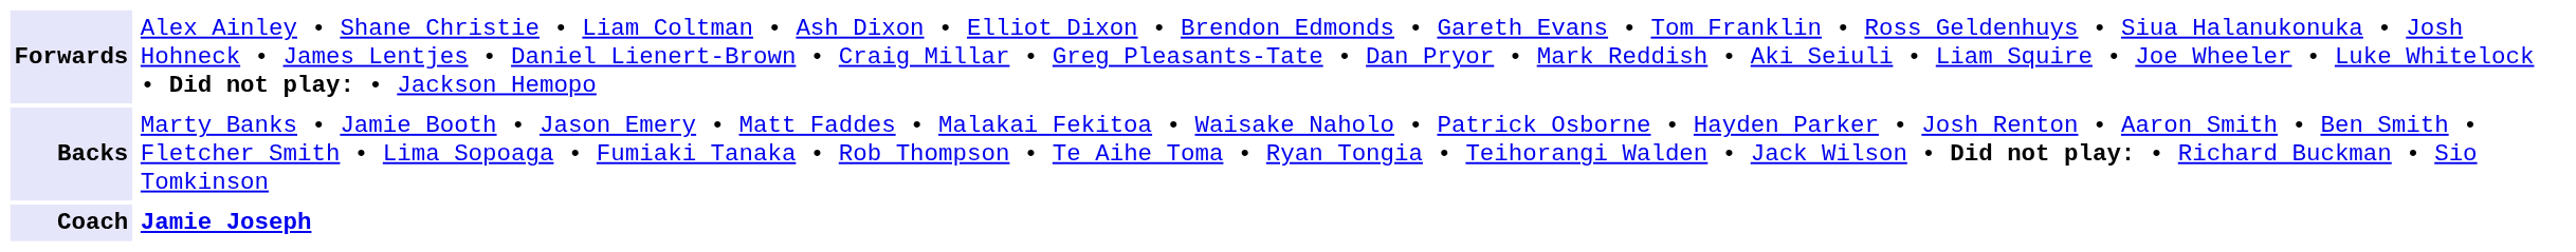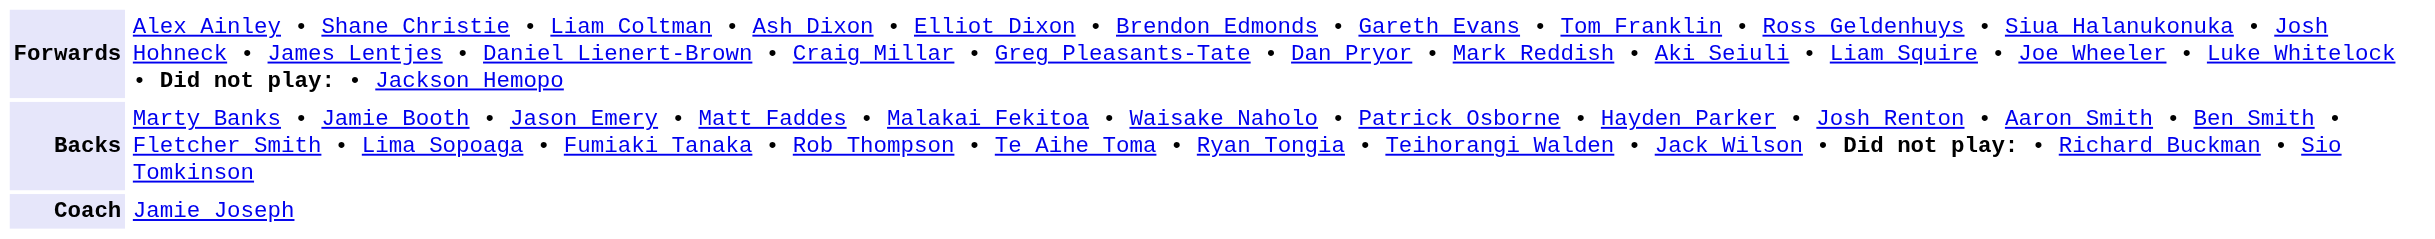 <table cellpadding="2" style="border: 1px solid white; font-size:90%;">
 <tr>
 <td style="text-align:right;" bgcolor="lavender"><strong>Forwards</strong></td>
 <td style="text-align:left;"><a href='#'>Alex Ainley</a> • <a href='#'>Shane Christie</a> • <a href='#'>Liam Coltman</a> • <a href='#'>Ash Dixon</a> • <a href='#'>Elliot Dixon</a> • <a href='#'>Brendon Edmonds</a> • <a href='#'>Gareth Evans</a> • <a href='#'>Tom Franklin</a> • <a href='#'>Ross Geldenhuys</a> • <a href='#'>Siua Halanukonuka</a> • <a href='#'>Josh Hohneck</a> • <a href='#'>James Lentjes</a> • <a href='#'>Daniel Lienert-Brown</a> • <a href='#'>Craig Millar</a> • <a href='#'>Greg Pleasants-Tate</a> • <a href='#'>Dan Pryor</a> • <a href='#'>Mark Reddish</a> • <a href='#'>Aki Seiuli</a> • <a href='#'>Liam Squire</a> • <a href='#'>Joe Wheeler</a> • <a href='#'>Luke Whitelock</a> • <strong>Did not play:</strong> • <a href='#'>Jackson Hemopo</a></td>
 </tr>
 <tr>
 <td style="text-align:right;" bgcolor="lavender"><strong>Backs</strong></td>
 <td style="text-align:left;"><a href='#'>Marty Banks</a> • <a href='#'>Jamie Booth</a> • <a href='#'>Jason Emery</a> • <a href='#'>Matt Faddes</a> • <a href='#'>Malakai Fekitoa</a> • <a href='#'>Waisake Naholo</a> • <a href='#'>Patrick Osborne</a> • <a href='#'>Hayden Parker</a> • <a href='#'>Josh Renton</a> • <a href='#'>Aaron Smith</a> • <a href='#'>Ben Smith</a> • <a href='#'>Fletcher Smith</a> • <a href='#'>Lima Sopoaga</a> • <a href='#'>Fumiaki Tanaka</a> • <a href='#'>Rob Thompson</a> • <a href='#'>Te Aihe Toma</a> • <a href='#'>Ryan Tongia</a> • <a href='#'>Teihorangi Walden</a> • <a href='#'>Jack Wilson</a> • <strong>Did not play:</strong> • <a href='#'>Richard Buckman</a> • <a href='#'>Sio Tomkinson</a></td>
 </tr>
 <tr>
 <td style="text-align:right;" bgcolor="lavender"><strong>Coach</strong></td>
-<td style="text-align:left;"><strong><a href='#'>Jamie Joseph</a></strong></td>
+<td style="text-align:left;"><a href='#'>Jamie Joseph</a></td>
 </tr>
 </table>
